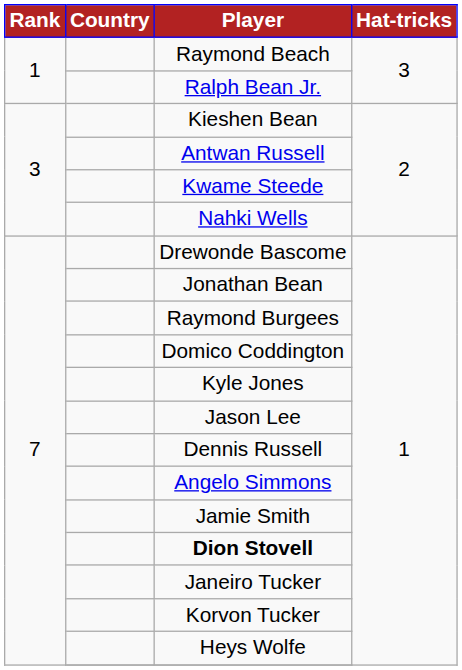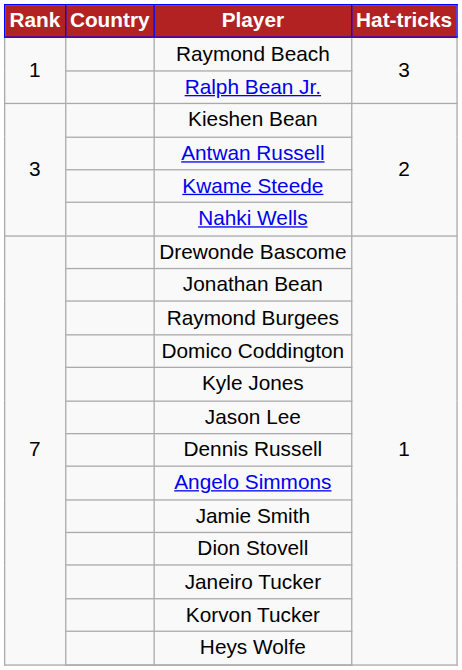 <table class="wikitable" style="text-align:center;">
 <tr>
 <th style="background:firebrick; color:white; border:1px solid blue;">Rank</th>
 <th style="background:firebrick; color:white; border:1px solid blue;">Country</th>
 <th style="background:firebrick; color:white; border:1px solid blue;">Player</th>
 <th style="background:firebrick; color:white; border:1px solid blue;">Hat-tricks</th>
 </tr>
 <tr>
 <td rowspan=2>1</td>
 <td></td>
 <td>Raymond Beach</td>
 <td rowspan=2>3</td>
 </tr>
 <tr>
 <td></td>
 <td><a href='#'>Ralph Bean Jr.</a></td>
 </tr>
 <tr>
 <td rowspan=4>3</td>
 <td></td>
 <td>Kieshen Bean</td>
 <td rowspan=4>2</td>
 </tr>
 <tr>
 <td></td>
 <td><a href='#'>Antwan Russell</a></td>
 </tr>
 <tr>
 <td></td>
 <td><a href='#'>Kwame Steede</a></td>
 </tr>
 <tr>
 <td></td>
 <td><a href='#'>Nahki Wells</a></td>
 </tr>
 <tr>
 <td rowspan=20>7</td>
 <td></td>
 <td>Drewonde Bascome</td>
 <td rowspan=20>1</td>
 </tr>
 <tr>
 <td></td>
 <td>Jonathan Bean</td>
 </tr>
 <tr>
 <td></td>
 <td>Raymond Burgees</td>
 </tr>
 <tr>
 <td></td>
 <td>Domico Coddington</td>
 </tr>
 <tr>
 <td></td>
 <td>Kyle Jones</td>
 </tr>
 <tr>
 <td></td>
 <td>Jason Lee</td>
 </tr>
 <tr>
 <td></td>
 <td>Dennis Russell</td>
 </tr>
 <tr>
 <td></td>
 <td><a href='#'>Angelo Simmons</a></td>
 </tr>
 <tr>
 <td></td>
 <td>Jamie Smith</td>
 </tr>
 <tr>
 <td></td>
-<td><strong>Dion Stovell</strong></td>
+<td>Dion Stovell</td>
 </tr>
 <tr>
 <td></td>
 <td>Janeiro Tucker</td>
 </tr>
 <tr>
 <td></td>
 <td>Korvon Tucker</td>
 </tr>
 <tr>
 <td></td>
 <td>Heys Wolfe</td>
 </tr>
 <tr>
 </tr>
 </table>
